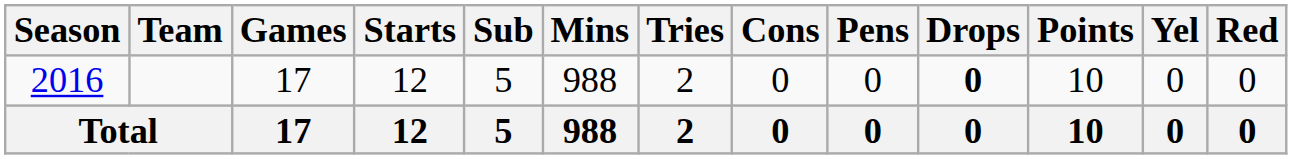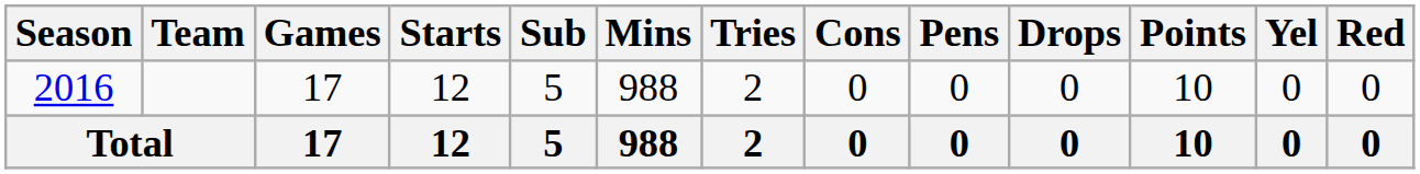 <table class="wikitable" style="text-align:center; line-height:90%; font-size:95%; width:70%;">
 <tr>
 <th>Season</th>
 <th>Team</th>
 <th>Games</th>
 <th>Starts</th>
 <th>Sub</th>
 <th>Mins</th>
 <th>Tries</th>
 <th>Cons</th>
 <th>Pens</th>
 <th>Drops</th>
 <th>Points</th>
 <th>Yel</th>
 <th>Red</th>
 </tr>
 <tr>
 <td><a href='#'>2016</a></td>
 <td></td>
 <td>17</td>
 <td>12</td>
 <td>5</td>
 <td>988</td>
 <td>2</td>
 <td>0</td>
 <td>0</td>
-<td><strong>0</strong></td>
+<td>0</td>
 <td>10</td>
 <td>0</td>
 <td>0</td>
 </tr>
 <tr>
 <th colspan="2">Total</th>
 <th>17</th>
 <th>12</th>
 <th>5</th>
 <th>988</th>
 <th>2</th>
 <th>0</th>
 <th>0</th>
 <th>0</th>
 <th>10</th>
 <th>0</th>
 <th>0</th>
 </tr>
 </table>
